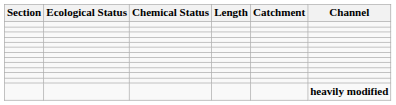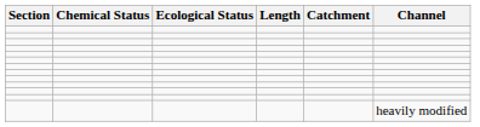 <table class="wikitable">
 <tr>
 <th>Section</th>
+<th>Chemical Status</th>
 <th>Ecological Status</th>
-<th>Chemical Status</th>
 <th>Length</th>
 <th>Catchment</th>
 <th>Channel</th>
 </tr>
 <tr>
 <td></td>
 <td></td>
 <td></td>
 <td></td>
 <td></td>
 <td></td>
 </tr>
 <tr>
 <td></td>
 <td></td>
 <td></td>
 <td></td>
 <td></td>
 <td></td>
 </tr>
 <tr>
 <td></td>
 <td></td>
 <td></td>
 <td></td>
 <td></td>
 <td></td>
 </tr>
 <tr>
 <td></td>
 <td></td>
 <td></td>
 <td></td>
 <td></td>
 <td></td>
 </tr>
 <tr>
 <td></td>
 <td></td>
 <td></td>
 <td></td>
 <td></td>
 <td></td>
 </tr>
 <tr>
 <td></td>
 <td></td>
 <td></td>
 <td></td>
 <td></td>
 <td></td>
 </tr>
 <tr>
 <td></td>
 <td></td>
 <td></td>
 <td></td>
 <td></td>
 <td></td>
 </tr>
 <tr>
 <td></td>
 <td></td>
 <td></td>
 <td></td>
 <td></td>
 <td></td>
 </tr>
 <tr>
 <td></td>
 <td></td>
 <td></td>
 <td></td>
 <td></td>
 <td></td>
 </tr>
 <tr>
 <td></td>
 <td></td>
 <td></td>
 <td></td>
 <td></td>
 <td></td>
 </tr>
 <tr>
 <td></td>
 <td></td>
 <td></td>
 <td></td>
 <td></td>
 <td></td>
 </tr>
 <tr>
 <td></td>
 <td></td>
 <td></td>
 <td></td>
 <td></td>
 <td></td>
 </tr>
 <tr>
 <td></td>
 <td></td>
 <td></td>
 <td></td>
 <td></td>
-<td><strong>heavily modified</strong></td>
+<td>heavily modified</td>
 </tr>
 </table>
